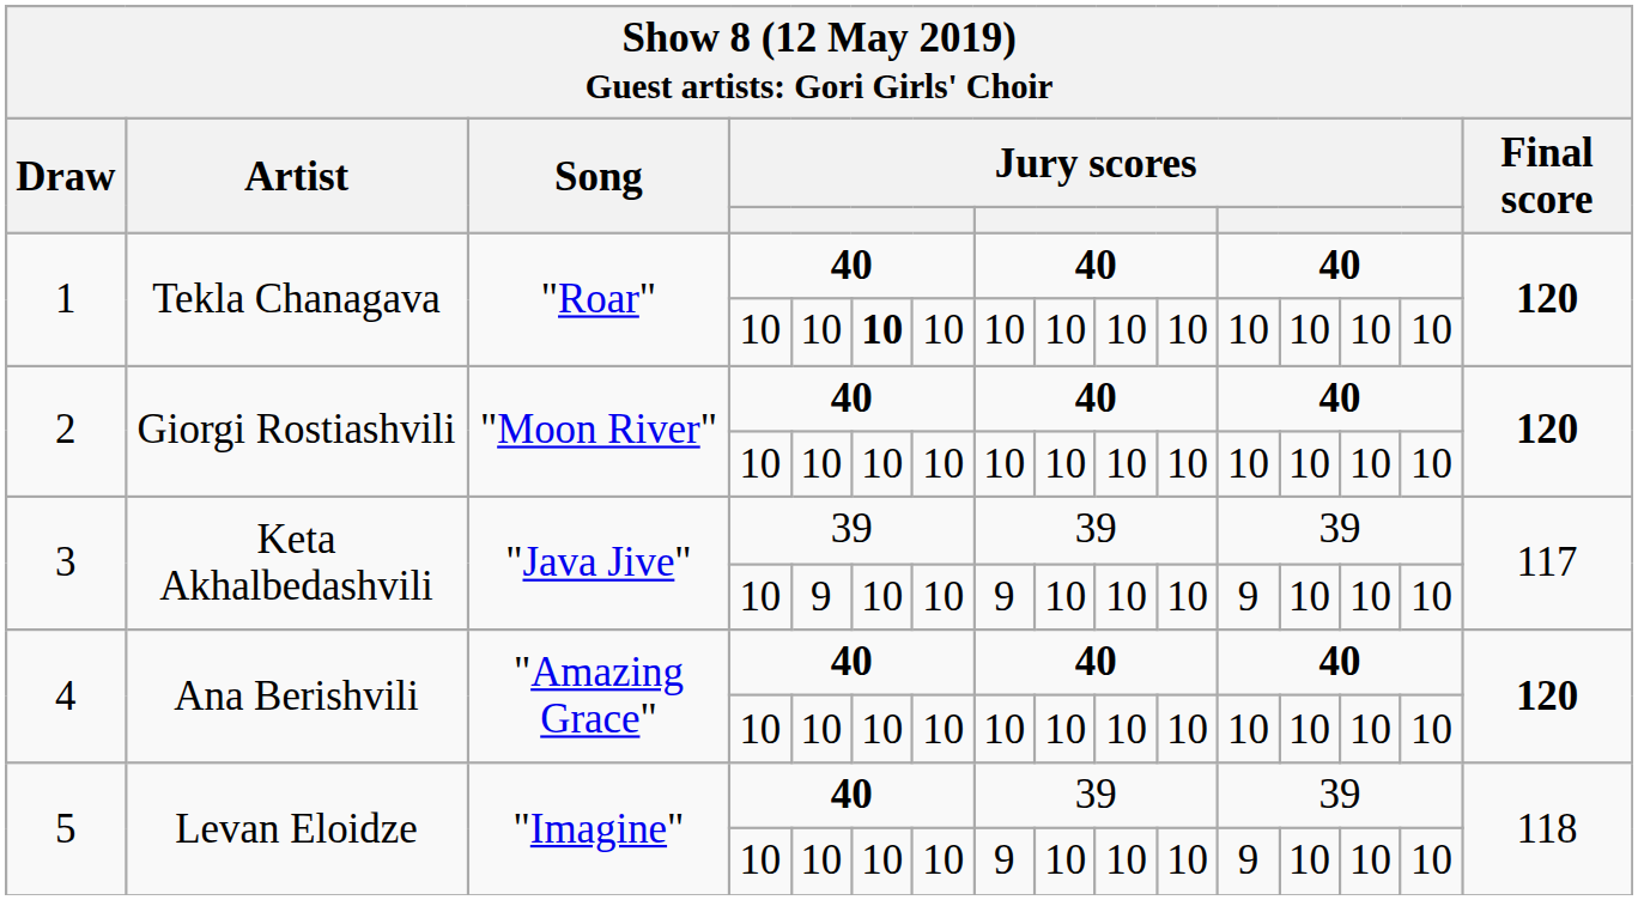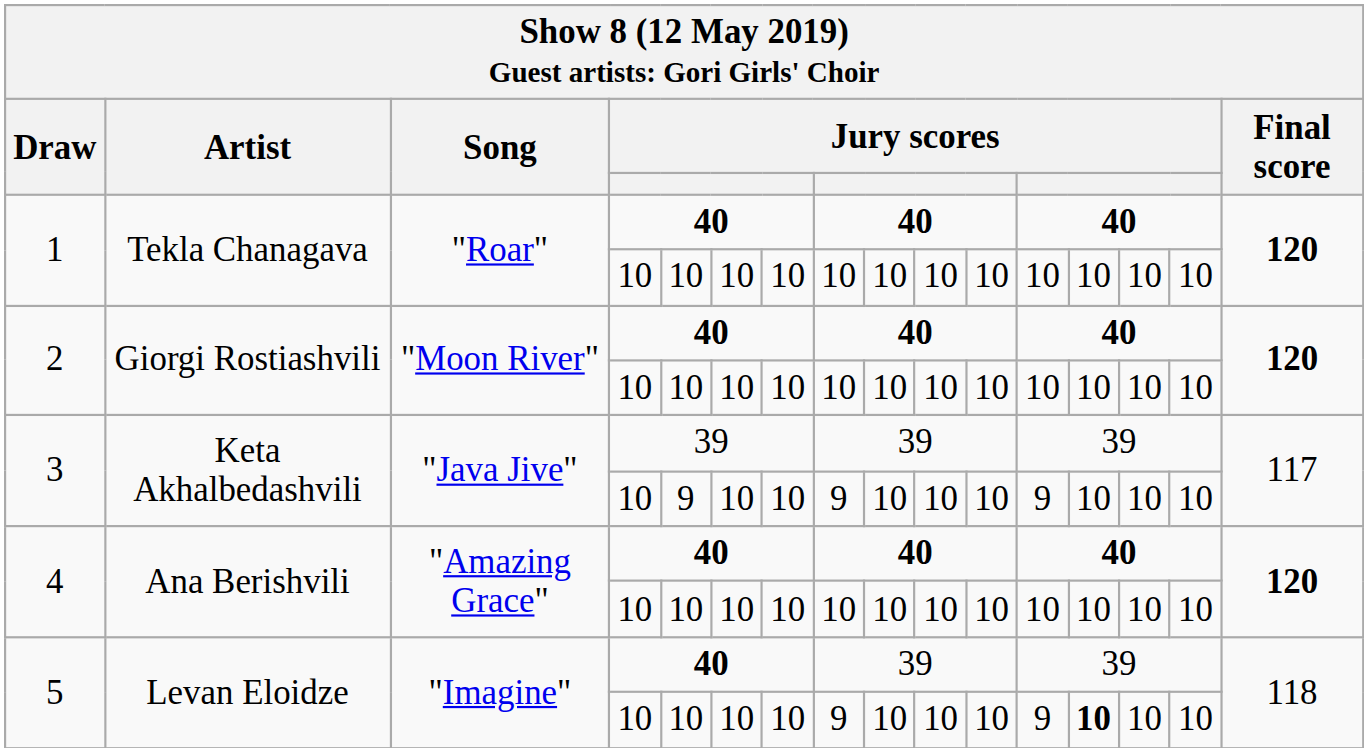 <table class="sortable wikitable" style="text-align:center;margin:1em auto 1em auto">
 <tr>
 <th colspan=16>Show 8 (12 May 2019)<br><small>Guest artists: Gori Girls' Choir</small></th>
 </tr>
 <tr>
 <th rowspan="2">Draw</th>
 <th rowspan="2">Artist</th>
 <th rowspan="2">Song</th>
 <th colspan="12">Jury scores</th>
 <th rowspan="2">Final score</th>
 </tr>
 <tr>
 <th colspan="4"><small></small></th>
 <th colspan="4"><small></small></th>
 <th colspan="4"><small></small></th>
 </tr>
 <tr>
 <td rowspan=2>1</td>
 <td rowspan=2>Tekla Chanagava</td>
 <td rowspan=2>"<a href='#'>Roar</a>"</td>
 <td colspan=4><strong>40</strong></td>
 <td colspan=4><strong>40</strong></td>
 <td colspan=4><strong>40</strong></td>
 <td rowspan=2><strong>120</strong></td>
 </tr>
 <tr>
 <td>10</td>
 <td>10</td>
-<td><strong>10</strong></td>
+<td>10</td>
 <td>10</td>
 <td>10</td>
 <td>10</td>
 <td>10</td>
 <td>10</td>
 <td>10</td>
 <td>10</td>
 <td>10</td>
 <td>10</td>
 </tr>
 <tr>
 <td rowspan=2>2</td>
 <td rowspan=2>Giorgi Rostiashvili</td>
 <td rowspan=2>"<a href='#'>Moon River</a>"</td>
 <td colspan=4><strong>40</strong></td>
 <td colspan=4><strong>40</strong></td>
 <td colspan=4><strong>40</strong></td>
 <td rowspan=2><strong>120</strong></td>
 </tr>
 <tr>
 <td>10</td>
 <td>10</td>
 <td>10</td>
 <td>10</td>
 <td>10</td>
 <td>10</td>
 <td>10</td>
 <td>10</td>
 <td>10</td>
 <td>10</td>
 <td>10</td>
 <td>10</td>
 </tr>
 <tr>
 <td rowspan=2>3</td>
 <td rowspan=2>Keta Akhalbedashvili</td>
 <td rowspan=2>"<a href='#'>Java Jive</a>"</td>
 <td colspan=4>39</td>
 <td colspan=4>39</td>
 <td colspan=4>39</td>
 <td rowspan=2>117</td>
 </tr>
 <tr>
 <td>10</td>
 <td>9</td>
 <td>10</td>
 <td>10</td>
 <td>9</td>
 <td>10</td>
 <td>10</td>
 <td>10</td>
 <td>9</td>
 <td>10</td>
 <td>10</td>
 <td>10</td>
 </tr>
 <tr>
 <td rowspan=2>4</td>
 <td rowspan=2>Ana Berishvili</td>
 <td rowspan=2>"<a href='#'>Amazing Grace</a>"</td>
 <td colspan=4><strong>40</strong></td>
 <td colspan=4><strong>40</strong></td>
 <td colspan=4><strong>40</strong></td>
 <td rowspan=2><strong>120</strong></td>
 </tr>
 <tr>
 <td>10</td>
 <td>10</td>
 <td>10</td>
 <td>10</td>
 <td>10</td>
 <td>10</td>
 <td>10</td>
 <td>10</td>
 <td>10</td>
 <td>10</td>
 <td>10</td>
 <td>10</td>
 </tr>
 <tr>
 <td rowspan=2>5</td>
 <td rowspan=2>Levan Eloidze</td>
 <td rowspan=2>"<a href='#'>Imagine</a>"</td>
 <td colspan=4><strong>40</strong></td>
 <td colspan=4>39</td>
 <td colspan=4>39</td>
 <td rowspan=2>118</td>
 </tr>
 <tr>
 <td>10</td>
 <td>10</td>
 <td>10</td>
 <td>10</td>
 <td>9</td>
 <td>10</td>
 <td>10</td>
 <td>10</td>
 <td>9</td>
-<td>10</td>
+<td><strong>10</strong></td>
 <td>10</td>
 <td>10</td>
 </tr>
 <tr>
 </tr>
 </table>
